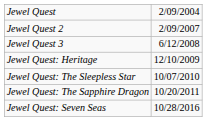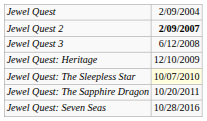 <table class="wikitable" style="text-align:right">
 <tr>
 <td style="text-align:left"><em>Jewel Quest</em></td>
 <td>2/09/2004</td>
 </tr>
 <tr u>
 <td style="text-align:left"><em>Jewel Quest 2</em></td>
-<td>2/09/2007</td>
+<td><strong>2/09/2007</strong></td>
 </tr>
 <tr>
 <td style="text-align:left"><em>Jewel Quest 3</em></td>
 <td>6/12/2008</td>
 </tr>
 <tr>
 <td style="text-align:left"><em>Jewel Quest: Heritage</em></td>
 <td>12/10/2009</td>
 </tr>
 <tr>
 <td style="text-align:left"><em>Jewel Quest: The Sleepless Star</em></td>
-<td>10/07/2010</td>
+<td style="background: lightyellow;">10/07/2010</td>
 </tr>
 <tr>
 <td style="text-align:left"><em>Jewel Quest: The Sapphire Dragon</em></td>
 <td>10/20/2011</td>
 </tr>
 <tr>
 <td style="text-align:left"><em>Jewel Quest: Seven Seas</em></td>
 <td>10/28/2016</td>
 </tr>
 </table>
